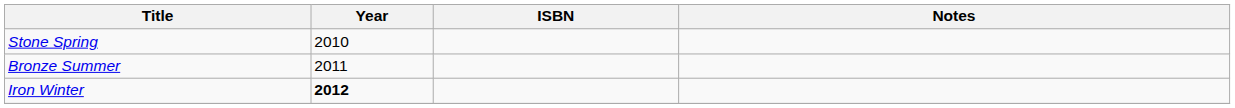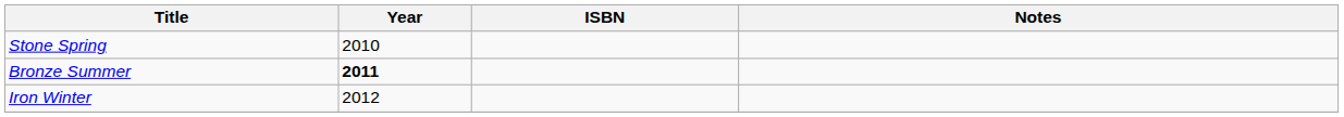 <table class='wikitable' width='100%'>
 <tr>
 <th width='25%'>Title</th>
 <th width='10%'>Year</th>
 <th width='20%'>ISBN</th>
 <th width='45%'>Notes</th>
 </tr>
 <tr>
 <td><em><a href='#'>Stone Spring</a></em></td>
 <td>2010</td>
 <td></td>
 <td> </td>
 </tr>
 <tr>
 <td><em><a href='#'>Bronze Summer</a></em></td>
-<td>2011</td>
+<td><strong>2011</strong></td>
 <td></td>
 <td> </td>
 </tr>
 <tr>
 <td><em><a href='#'>Iron Winter</a></em></td>
-<td><strong>2012</strong></td>
+<td>2012</td>
 <td></td>
 <td> </td>
 </tr>
 <tr>
 </tr>
 </table>
